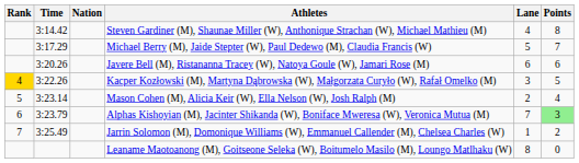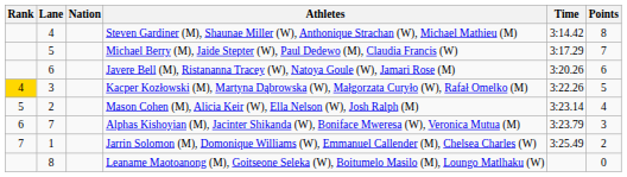 <table class="wikitable sortable" style="text-align:center;font-size:95%">
 <tr>
 <th>Rank</th>
-<th>Time</th>
+<th>Lane</th>
 <th>Nation</th>
 <th>Athletes</th>
-<th>Lane</th>
+<th>Time</th>
 <th>Points</th>
 </tr>
 <tr>
 <td></td>
-<td>3:14.42</td>
+<td>4</td>
 <td align=left></td>
 <td align=left><a href='#'>Steven Gardiner</a> (M), <a href='#'>Shaunae Miller</a> (W), <a href='#'>Anthonique Strachan</a> (W), <a href='#'>Michael Mathieu</a> (M)</td>
-<td>4</td>
+<td>3:14.42</td>
 <td>8</td>
 </tr>
 <tr>
 <td></td>
-<td>3:17.29</td>
+<td>5</td>
 <td align=left></td>
 <td align=left><a href='#'>Michael Berry</a> (M), <a href='#'>Jaide Stepter</a> (W), <a href='#'>Paul Dedewo</a> (M), <a href='#'>Claudia Francis</a> (W)</td>
-<td>5</td>
+<td>3:17.29</td>
 <td>7</td>
 </tr>
 <tr>
 <td></td>
-<td>3:20.26</td>
+<td>6</td>
 <td align=left></td>
 <td align=left><a href='#'>Javere Bell</a> (M), <a href='#'>Ristananna Tracey</a> (W), <a href='#'>Natoya Goule</a> (W), <a href='#'>Jamari Rose</a> (M)</td>
-<td>6</td>
+<td>3:20.26</td>
 <td>6</td>
 </tr>
 <tr>
 <td style="background: gold;">4</td>
-<td>3:22.26</td>
+<td>3</td>
 <td align=left></td>
 <td align=left><a href='#'>Kacper Kozłowski</a> (M), <a href='#'>Martyna Dąbrowska</a> (W), <a href='#'>Małgorzata Curyło</a> (W), <a href='#'>Rafał Omelko</a> (M)</td>
-<td>3</td>
+<td>3:22.26</td>
 <td>5</td>
 </tr>
 <tr>
 <td>5</td>
-<td>3:23.14</td>
+<td>2</td>
 <td align=left></td>
 <td align=left><a href='#'>Mason Cohen</a> (M), <a href='#'>Alicia Keir</a> (W), <a href='#'>Ella Nelson</a> (W), <a href='#'>Josh Ralph</a> (M)</td>
-<td>2</td>
+<td>3:23.14</td>
 <td>4</td>
 </tr>
 <tr>
 <td>6</td>
-<td>3:23.79</td>
+<td>7</td>
 <td align=left></td>
 <td align=left><a href='#'>Alphas Kishoyian</a> (M), <a href='#'>Jacinter Shikanda</a> (W), <a href='#'>Boniface Mweresa</a> (W), <a href='#'>Veronica Mutua</a> (M)</td>
-<td>7</td>
-<td style="background: lightgreen;">3</td>
+<td>3:23.79</td>
+<td>3</td>
 </tr>
 <tr>
 <td>7</td>
-<td>3:25.49</td>
+<td>1</td>
 <td align=left></td>
 <td align=left><a href='#'>Jarrin Solomon</a> (M), <a href='#'>Domonique Williams</a> (W), <a href='#'>Emmanuel Callender</a> (M), <a href='#'>Chelsea Charles</a> (W)</td>
-<td>1</td>
+<td>3:25.49</td>
 <td>2</td>
 </tr>
 <tr>
 <td></td>
-<td></td>
+<td>8</td>
 <td align=left></td>
 <td align=left><a href='#'>Leaname Maotoanong</a> (M), <a href='#'>Goitseone Seleka</a> (W), <a href='#'>Boitumelo Masilo</a> (M), <a href='#'>Loungo Matlhaku</a> (W)</td>
-<td>8</td>
+<td></td>
 <td>0</td>
 </tr>
 </table>
